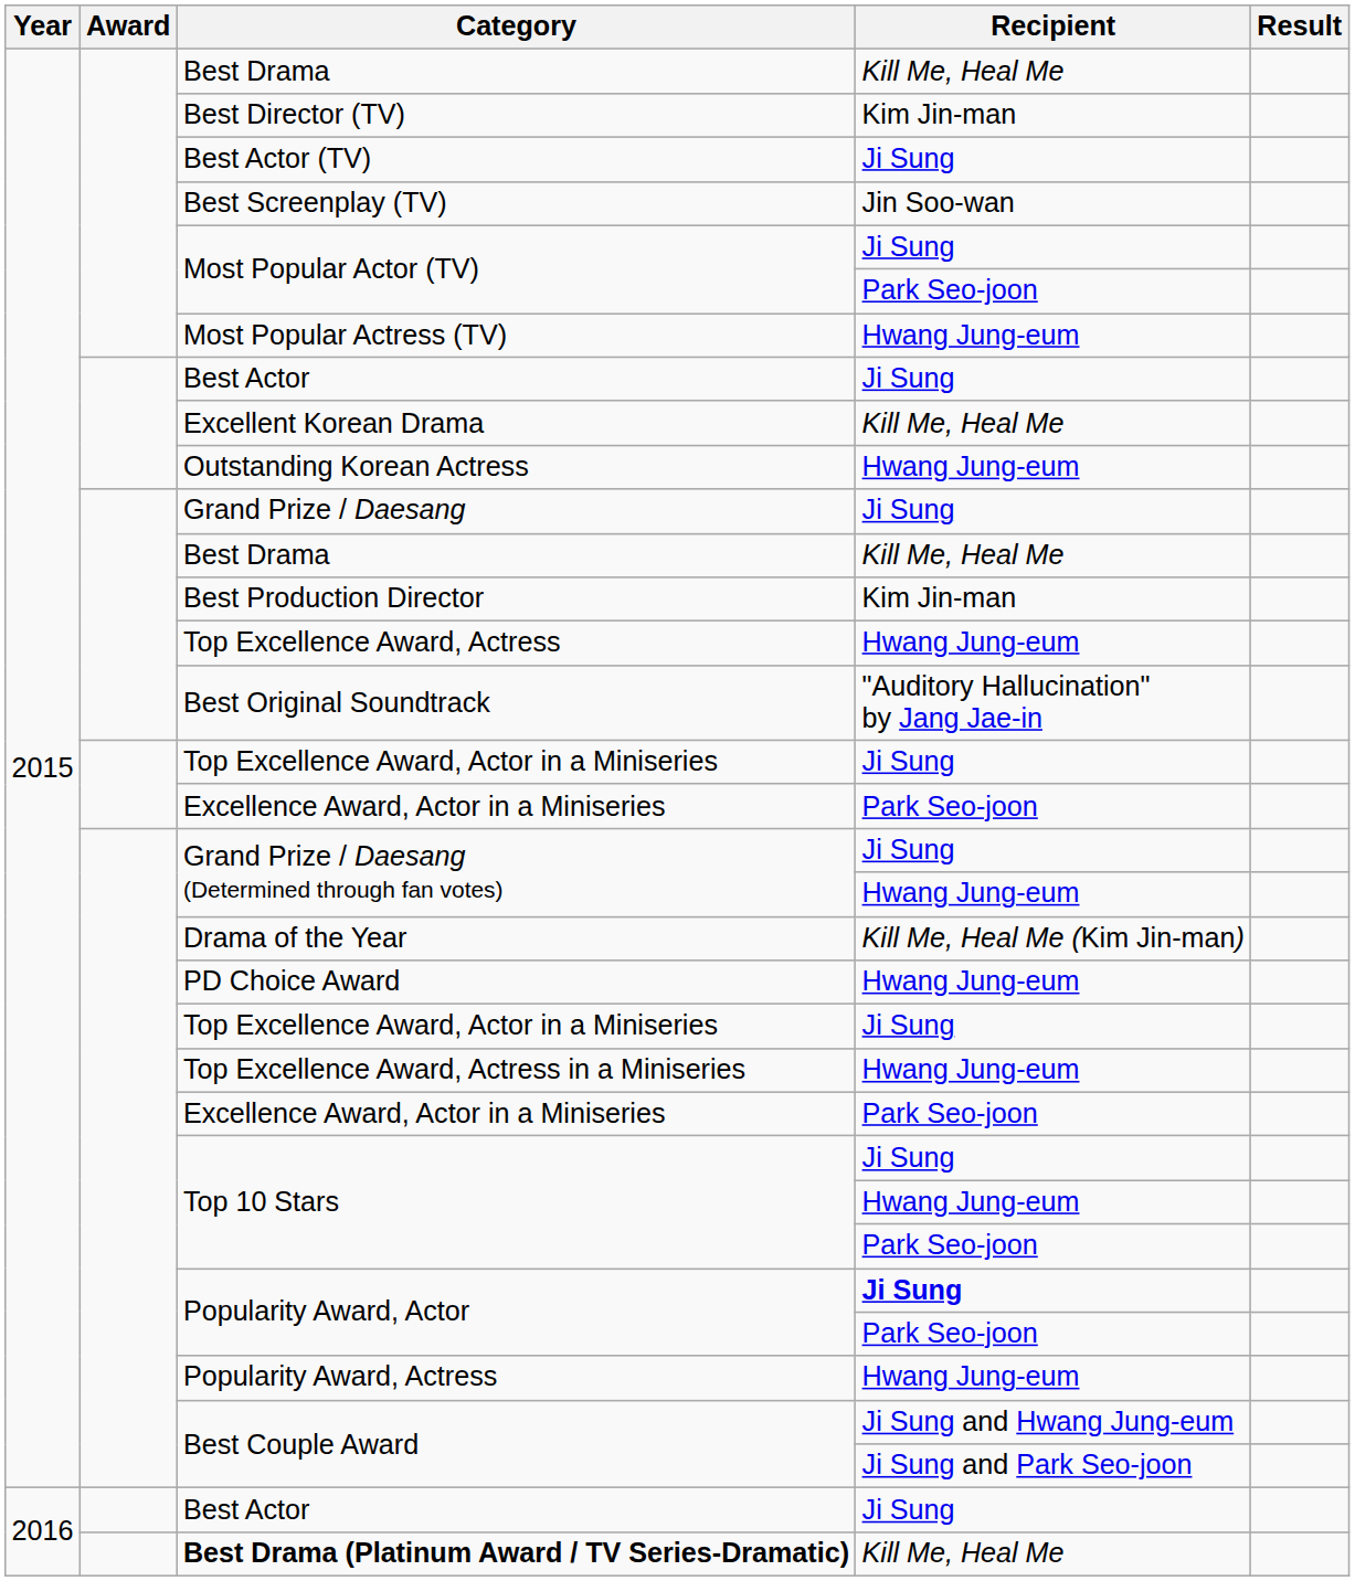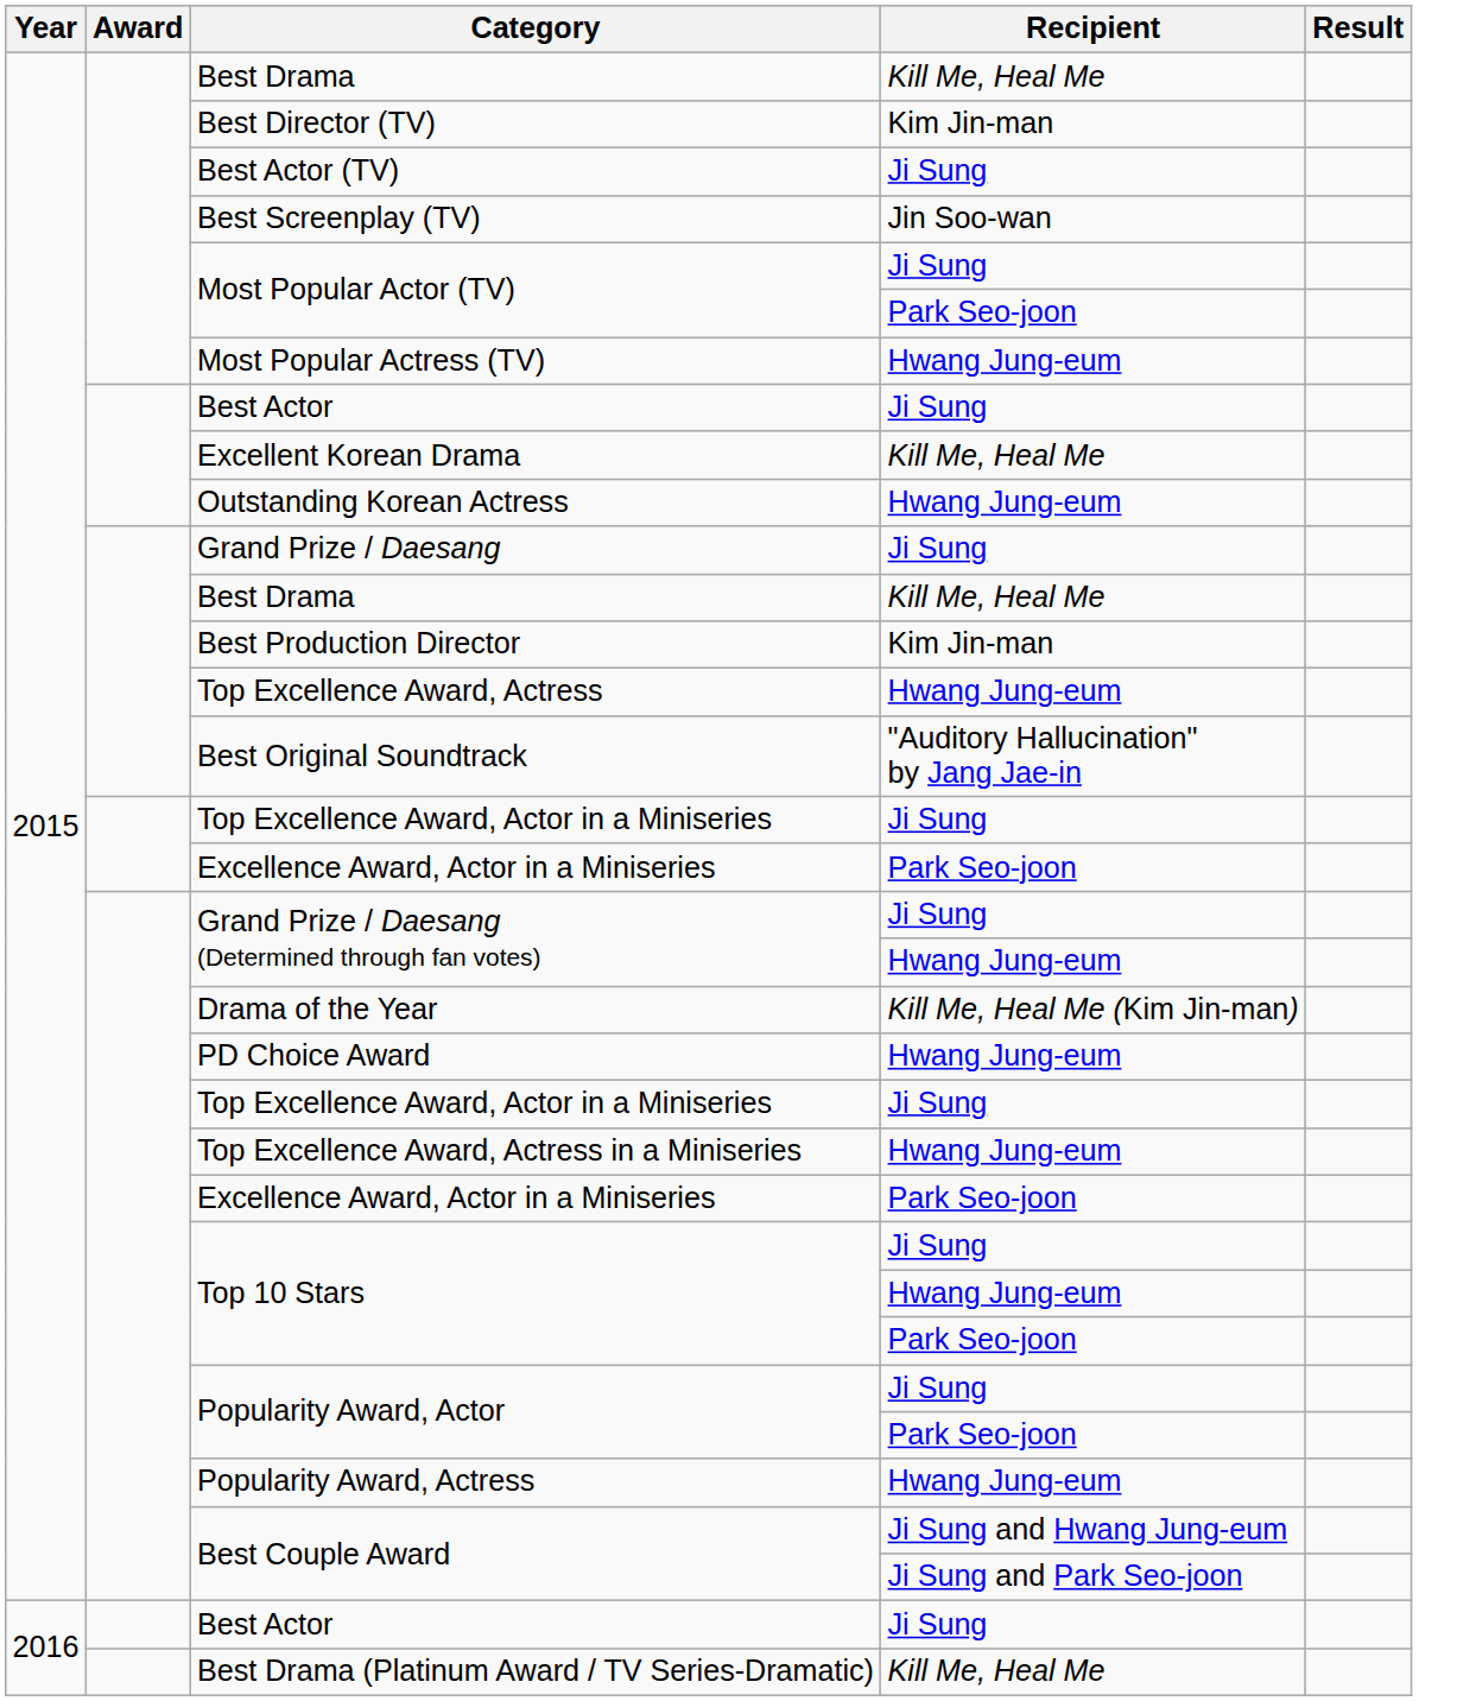 <table class="wikitable">
 <tr>
 <th>Year</th>
 <th>Award</th>
 <th>Category</th>
 <th>Recipient</th>
 <th>Result</th>
 </tr>
 <tr>
 <td rowspan="32">2015</td>
 <td rowspan="7"></td>
 <td>Best Drama</td>
 <td><em>Kill Me, Heal Me</em></td>
 <td></td>
 </tr>
 <tr>
 <td>Best Director (TV)</td>
 <td>Kim Jin-man</td>
 <td></td>
 </tr>
 <tr>
 <td>Best Actor (TV)</td>
 <td><a href='#'>Ji Sung</a></td>
 <td></td>
 </tr>
 <tr>
 <td>Best Screenplay (TV)</td>
 <td>Jin Soo-wan</td>
 <td></td>
 </tr>
 <tr>
 <td rowspan="2">Most Popular Actor (TV)</td>
 <td><a href='#'>Ji Sung</a></td>
 <td></td>
 </tr>
 <tr>
 <td><a href='#'>Park Seo-joon</a></td>
 <td></td>
 </tr>
 <tr>
 <td>Most Popular Actress (TV)</td>
 <td><a href='#'>Hwang Jung-eum</a></td>
 <td></td>
 </tr>
 <tr>
 <td rowspan="3"></td>
 <td>Best Actor</td>
 <td><a href='#'>Ji Sung</a></td>
 <td></td>
 </tr>
 <tr>
 <td>Excellent Korean Drama</td>
 <td><em>Kill Me, Heal Me</em></td>
 <td></td>
 </tr>
 <tr>
 <td>Outstanding Korean Actress</td>
 <td><a href='#'>Hwang Jung-eum</a></td>
 <td></td>
 </tr>
 <tr>
 <td rowspan="5"></td>
 <td>Grand Prize / <em>Daesang</em></td>
 <td><a href='#'>Ji Sung</a></td>
 <td></td>
 </tr>
 <tr>
 <td>Best Drama</td>
 <td><em>Kill Me, Heal Me</em></td>
 <td></td>
 </tr>
 <tr>
 <td>Best Production Director</td>
 <td>Kim Jin-man</td>
 <td></td>
 </tr>
 <tr>
 <td>Top Excellence Award, Actress</td>
 <td><a href='#'>Hwang Jung-eum</a></td>
 <td></td>
 </tr>
 <tr>
 <td>Best Original Soundtrack</td>
 <td>"Auditory Hallucination"<br>by <a href='#'>Jang Jae-in</a> </td>
 <td></td>
 </tr>
 <tr>
 <td rowspan="2"></td>
 <td>Top Excellence Award, Actor in a Miniseries</td>
 <td><a href='#'>Ji Sung</a></td>
 <td></td>
 </tr>
 <tr>
 <td>Excellence Award, Actor in a Miniseries</td>
 <td><a href='#'>Park Seo-joon</a></td>
 <td></td>
 </tr>
 <tr>
 <td rowspan="15"></td>
 <td rowspan="2">Grand Prize / <em>Daesang</em><br><small>(Determined through fan votes)</small></td>
 <td><a href='#'>Ji Sung</a></td>
 <td></td>
 </tr>
 <tr>
 <td><a href='#'>Hwang Jung-eum</a></td>
 <td></td>
 </tr>
 <tr>
 <td>Drama of the Year</td>
 <td><em>Kill Me, Heal Me (</em>Kim Jin-man<em>)</em></td>
 <td></td>
 </tr>
 <tr>
 <td>PD Choice Award</td>
 <td><a href='#'>Hwang Jung-eum</a></td>
 <td></td>
 </tr>
 <tr>
 <td>Top Excellence Award, Actor in a Miniseries</td>
 <td><a href='#'>Ji Sung</a></td>
 <td></td>
 </tr>
 <tr>
 <td>Top Excellence Award, Actress in a Miniseries</td>
 <td><a href='#'>Hwang Jung-eum</a></td>
 <td></td>
 </tr>
 <tr>
 <td>Excellence Award, Actor in a Miniseries</td>
 <td><a href='#'>Park Seo-joon</a></td>
 <td></td>
 </tr>
 <tr>
 <td rowspan="3">Top 10 Stars</td>
 <td><a href='#'>Ji Sung</a></td>
 <td></td>
 </tr>
 <tr>
 <td><a href='#'>Hwang Jung-eum</a></td>
 <td></td>
 </tr>
 <tr>
 <td><a href='#'>Park Seo-joon</a></td>
 <td></td>
 </tr>
 <tr>
 <td rowspan="2">Popularity Award, Actor</td>
-<td><strong><a href='#'>Ji Sung</a></strong></td>
+<td><a href='#'>Ji Sung</a></td>
 <td></td>
 </tr>
 <tr>
 <td><a href='#'>Park Seo-joon</a></td>
 <td></td>
 </tr>
 <tr>
 <td>Popularity Award, Actress</td>
 <td><a href='#'>Hwang Jung-eum</a></td>
 <td></td>
 </tr>
 <tr>
 <td rowspan="2">Best Couple Award</td>
 <td><a href='#'>Ji Sung</a> and <a href='#'>Hwang Jung-eum</a></td>
 <td></td>
 </tr>
 <tr>
 <td><a href='#'>Ji Sung</a> and <a href='#'>Park Seo-joon</a></td>
 <td></td>
 </tr>
 <tr>
 <td rowspan="2">2016</td>
 <td></td>
 <td>Best Actor</td>
 <td><a href='#'>Ji Sung</a></td>
 <td></td>
 </tr>
 <tr>
 <td></td>
-<td><strong>Best Drama (Platinum Award / TV Series-Dramatic)</strong></td>
+<td>Best Drama (Platinum Award / TV Series-Dramatic)</td>
 <td><em>Kill Me, Heal Me</em></td>
 <td></td>
 </tr>
 </table>
